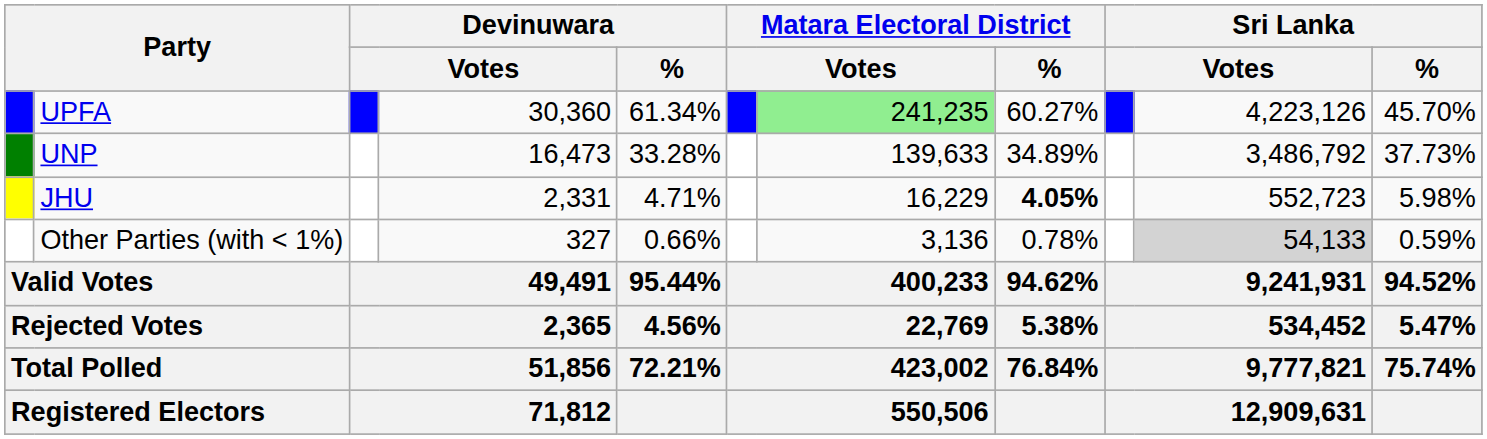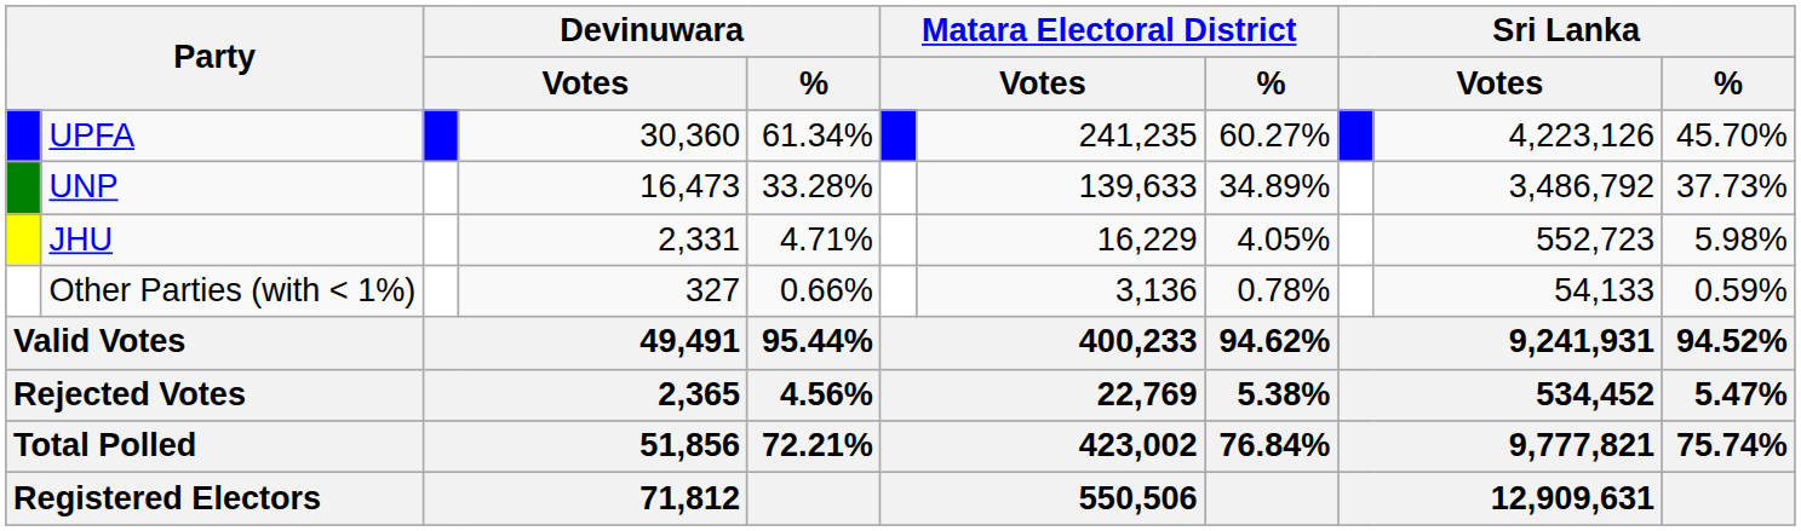 <table class="wikitable">
 <tr>
 <th colspan="2" width="144px"rowspan="2">Party</th>
 <th colspan="3" width="216px">Devinuwara</th>
 <th colspan="3" width="216px"><a href='#'>Matara Electoral District</a></th>
 <th colspan="3" width="216px">Sri Lanka</th>
 </tr>
 <tr>
 <th colspan="2" width="144px">Votes</th>
 <th>%</th>
 <th colspan="2" width="144px">Votes</th>
 <th>%</th>
 <th colspan="2" width="144px">Votes</th>
 <th>%</th>
 </tr>
 <tr>
 <td style="background-color:blue;" width="10px"></td>
 <td style="text-align:left;"><a href='#'>UPFA</a></td>
 <td style="background-color:blue;" width="10px"></td>
 <td style="text-align:right;">30,360</td>
 <td style="text-align:right;">61.34%</td>
 <td style="background-color:blue;" width="10px"></td>
-<td style="background: lightgreen; text-align:right;">241,235</td>
+<td style="text-align:right;">241,235</td>
 <td style="text-align:right;">60.27%</td>
 <td style="background-color:blue;" width="10px"></td>
 <td style="text-align:right;">4,223,126</td>
 <td style="text-align:right;">45.70%</td>
 </tr>
 <tr>
 <td style="background-color:green;" width="10px"></td>
 <td style="text-align:left;"><a href='#'>UNP</a></td>
 <td style="background-color:white;" width="10px"></td>
 <td style="text-align:right;">16,473</td>
 <td style="text-align:right;">33.28%</td>
 <td style="background-color:white;" width="10px"></td>
 <td style="text-align:right;">139,633</td>
 <td style="text-align:right;">34.89%</td>
 <td style="background-color:white;" width="10px"></td>
 <td style="text-align:right;">3,486,792</td>
 <td style="text-align:right;">37.73%</td>
 </tr>
 <tr>
 <td style="background-color:yellow;" width="10px"></td>
 <td style="text-align:left;"><a href='#'>JHU</a></td>
 <td style="background-color:white;" width="10px"></td>
 <td style="text-align:right;">2,331</td>
 <td style="text-align:right;">4.71%</td>
 <td style="background-color:white;" width="10px"></td>
 <td style="text-align:right;">16,229</td>
-<td style="text-align:right;"><strong>4.05%</strong></td>
+<td style="text-align:right;">4.05%</td>
 <td style="background-color:white;" width="10px"></td>
 <td style="text-align:right;">552,723</td>
 <td style="text-align:right;">5.98%</td>
 </tr>
 <tr>
 <td style="background-color:white;" width="10px"></td>
 <td style="text-align:left;">Other Parties (with < 1%)</td>
 <td style="background-color:white;" width="10px"></td>
 <td style="text-align:right;">327</td>
 <td style="text-align:right;">0.66%</td>
 <td style="background-color:white;" width="10px"></td>
 <td style="text-align:right;">3,136</td>
 <td style="text-align:right;">0.78%</td>
 <td style="background-color:white;" width="10px"></td>
-<td style="background: lightgrey; text-align:right;">54,133</td>
+<td style="text-align:right;">54,133</td>
 <td style="text-align:right;">0.59%</td>
 </tr>
 <tr>
 <th colspan="2" width="144px"style="text-align:left;">Valid Votes</th>
 <th style="text-align:right;"colspan="2" width="144px">49,491</th>
 <th style="text-align:right;">95.44%</th>
 <th style="text-align:right;"colspan="2" width="144px">400,233</th>
 <th style="text-align:right;">94.62%</th>
 <th style="text-align:right;"colspan="2" width="144px">9,241,931</th>
 <th style="text-align:right;">94.52%</th>
 </tr>
 <tr>
 <th colspan="2" width="144px"style="text-align:left;">Rejected Votes</th>
 <th style="text-align:right;"colspan="2" width="144px">2,365</th>
 <th style="text-align:right;">4.56%</th>
 <th style="text-align:right;"colspan="2" width="144px">22,769</th>
 <th style="text-align:right;">5.38%</th>
 <th style="text-align:right;"colspan="2" width="144px">534,452</th>
 <th style="text-align:right;">5.47%</th>
 </tr>
 <tr>
 <th colspan="2" width="144px"style="text-align:left;">Total Polled</th>
 <th style="text-align:right;"colspan="2" width="144px">51,856</th>
 <th style="text-align:right;">72.21%</th>
 <th style="text-align:right;"colspan="2" width="144px">423,002</th>
 <th style="text-align:right;">76.84%</th>
 <th style="text-align:right;"colspan="2" width="144px">9,777,821</th>
 <th style="text-align:right;">75.74%</th>
 </tr>
 <tr>
 <th colspan="2" width="144px"style="text-align:left;">Registered Electors</th>
 <th style="text-align:right;"colspan="2" width="144px">71,812</th>
 <th></th>
 <th style="text-align:right;"colspan="2" width="144px">550,506</th>
 <th></th>
 <th style="text-align:right;"colspan="2" width="144px">12,909,631</th>
 <th></th>
 </tr>
 </table>
